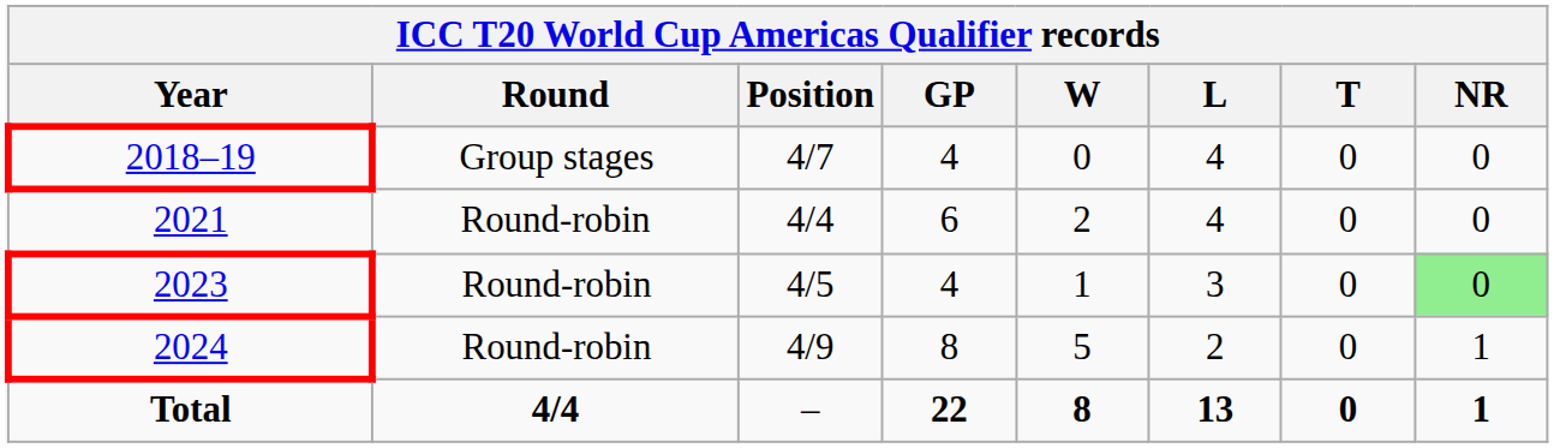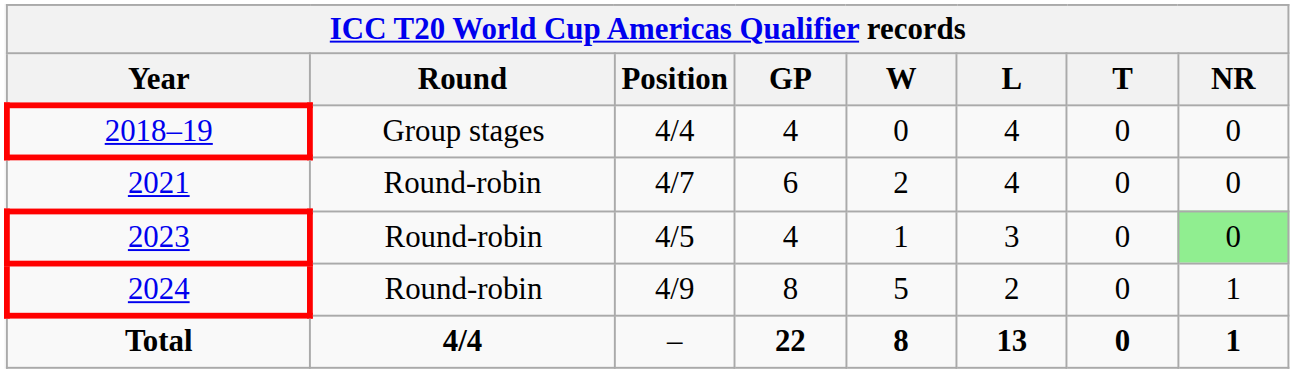 <table class="wikitable" style="text-align: center; width=900px;">
 <tr>
 <th colspan=9><a href='#'>ICC T20 World Cup Americas Qualifier</a> records</th>
 </tr>
 <tr>
 <th width=150>Year</th>
 <th width=150>Round</th>
 <th width=50>Position</th>
 <th width=50>GP</th>
 <th width=50>W</th>
 <th width=50>L</th>
 <th width=50>T</th>
 <th width=50>NR</th>
 </tr>
 <tr>
 <td style="border: 3px solid red"> <a href='#'>2018–19</a></td>
 <td>Group stages</td>
-<td>4/7</td>
+<td>4/4</td>
 <td>4</td>
 <td>0</td>
 <td>4</td>
 <td>0</td>
 <td>0</td>
 </tr>
 <tr>
 <td> <a href='#'>2021</a></td>
 <td>Round-robin</td>
-<td>4/4</td>
+<td>4/7</td>
 <td>6</td>
 <td>2</td>
 <td>4</td>
 <td>0</td>
 <td>0</td>
 </tr>
 <tr>
 <td style="border: 3px solid red"> <a href='#'>2023</a></td>
 <td>Round-robin</td>
 <td>4/5</td>
 <td>4</td>
 <td>1</td>
 <td>3</td>
 <td>0</td>
 <td style="background: lightgreen;">0</td>
 </tr>
 <tr>
 <td style="border: 3px solid red"> <a href='#'>2024</a></td>
 <td>Round-robin</td>
 <td>4/9</td>
 <td>8</td>
 <td>5</td>
 <td>2</td>
 <td>0</td>
 <td>1</td>
 </tr>
 <tr>
 <td><strong>Total</strong></td>
 <td><strong>4/4</strong></td>
 <td>–</td>
 <td><strong>22</strong></td>
 <td><strong>8</strong></td>
 <td><strong>13</strong></td>
 <td><strong>0</strong></td>
 <td><strong>1</strong></td>
 </tr>
 </table>
